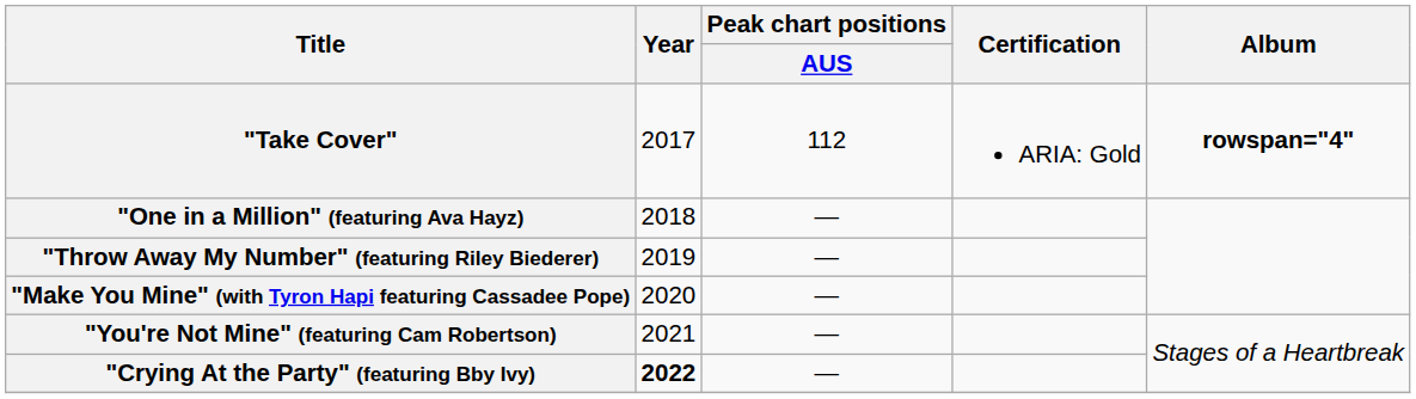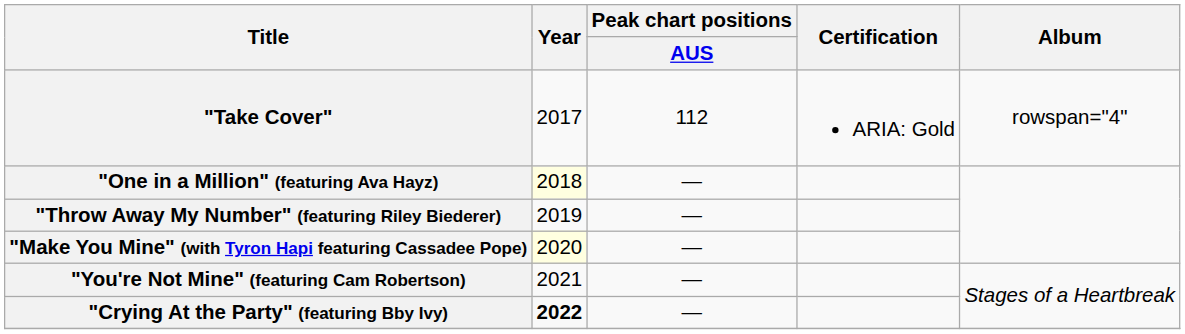 <table class="wikitable plainrowheaders" style="text-align:center;">
 <tr>
 <th rowspan="2">Title</th>
 <th rowspan="2">Year</th>
 <th>Peak chart positions</th>
 <th rowspan="2">Certification</th>
 <th rowspan="2">Album</th>
 </tr>
 <tr>
 <th><a href='#'>AUS</a><br></th>
 </tr>
 <tr>
 <th scope="row">"Take Cover"</th>
 <td rowspan="1">2017</td>
 <td>112</td>
 <td><br><ul><li>ARIA: Gold </li></ul></td>
-<td><strong>rowspan="4" </strong></td>
+<td>rowspan="4" </td>
 </tr>
 <tr>
 <th scope="row">"One in a Million" <small>(featuring Ava Hayz)</small></th>
-<td rowspan="1">2018</td>
+<td rowspan="1" style="background: lightyellow;">2018</td>
 <td>—</td>
 <td></td>
 </tr>
 <tr>
 <th scope="row">"Throw Away My Number" <small>(featuring Riley Biederer)</small></th>
 <td rowspan="1">2019</td>
 <td>—</td>
 <td></td>
 </tr>
 <tr>
 <th scope="row">"Make You Mine" <small>(with <a href='#'>Tyron Hapi</a> featuring Cassadee Pope)</small></th>
-<td rowspan="1">2020</td>
+<td rowspan="1" style="background: lightyellow;">2020</td>
 <td>—</td>
 <td></td>
 </tr>
 <tr>
 <th scope="row">"You're Not Mine" <small>(featuring Cam Robertson)</small></th>
 <td rowspan="1">2021</td>
 <td>—</td>
 <td></td>
 <td rowspan="2"><em>Stages of a Heartbreak</em></td>
 </tr>
 <tr>
 <th scope="row">"Crying At the Party" <small>(featuring Bby Ivy)</small></th>
 <td rowspan="1"><strong>2022</strong></td>
 <td>—</td>
 <td></td>
 </tr>
 <tr>
 </tr>
 </table>
